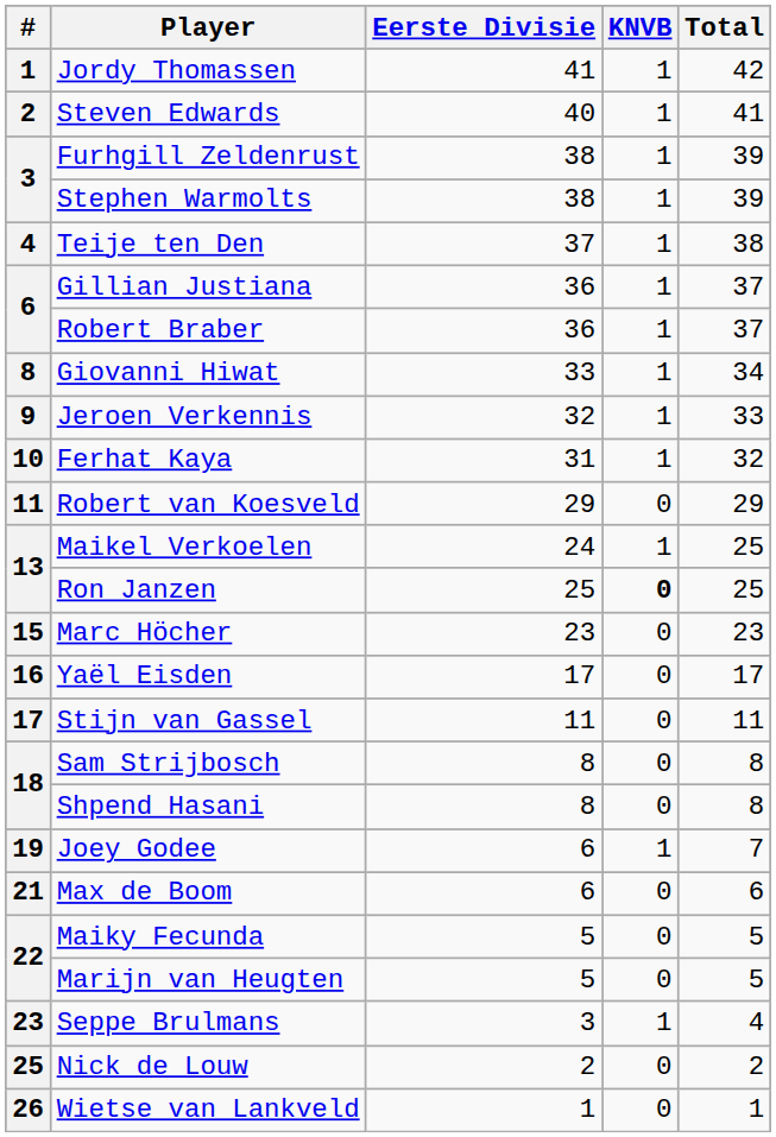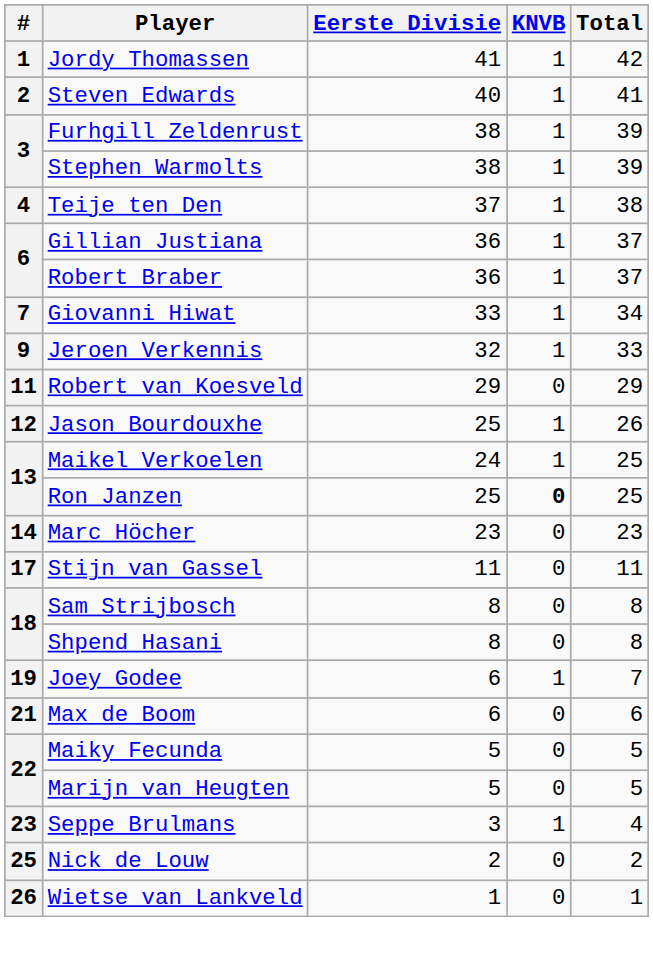 <table class="wikitable" style="text-align:right;">
 <tr>
 <th>#</th>
 <th>Player</th>
 <th><a href='#'>Eerste Divisie</a></th>
 <th><a href='#'>KNVB</a></th>
 <th>Total</th>
 </tr>
 <tr>
 <th align=center>1</th>
 <td align=left> <a href='#'>Jordy Thomassen</a></td>
 <td>41</td>
 <td>1</td>
 <td>42</td>
 </tr>
 <tr>
 <th align=center>2</th>
 <td align=left> <a href='#'>Steven Edwards</a></td>
 <td>40</td>
 <td>1</td>
 <td>41</td>
 </tr>
 <tr>
 <th rowspan=2 align=center>3</th>
 <td align=left>  <a href='#'>Furhgill Zeldenrust</a></td>
 <td>38</td>
 <td>1</td>
 <td>39</td>
 </tr>
 <tr>
 <td align=left> <a href='#'>Stephen Warmolts</a></td>
 <td>38</td>
 <td>1</td>
 <td>39</td>
 </tr>
 <tr>
 <th align=center>4</th>
 <td align=left> <a href='#'>Teije ten Den</a></td>
 <td>37</td>
 <td>1</td>
 <td>38</td>
 </tr>
 <tr>
 <th rowspan=2 align=center>6</th>
 <td align=left> <a href='#'>Gillian Justiana</a></td>
 <td>36</td>
 <td>1</td>
 <td>37</td>
 </tr>
 <tr>
 <td align=left> <a href='#'>Robert Braber</a></td>
 <td>36</td>
 <td>1</td>
 <td>37</td>
 </tr>
 <tr>
-<th align=center>8</th>
+<th align=center>7</th>
 <td align=left> <a href='#'>Giovanni Hiwat</a></td>
 <td>33</td>
 <td>1</td>
 <td>34</td>
 </tr>
 <tr>
 <th align=center>9</th>
 <td align=left> <a href='#'>Jeroen Verkennis</a></td>
 <td>32</td>
 <td>1</td>
 <td>33</td>
 </tr>
 <tr>
-<th align=center>10</th>
-<td align=left> <a href='#'>Ferhat Kaya</a></td>
-<td>31</td>
-<td>1</td>
-<td>32</td>
-</tr>
-<tr>
 <th align=center>11</th>
 <td align=left> <a href='#'>Robert van Koesveld</a></td>
 <td>29</td>
 <td>0</td>
 <td>29</td>
+</tr>
+<tr>
+<th align=center>12</th>
+<td align=left> <a href='#'>Jason Bourdouxhe</a></td>
+<td>25</td>
+<td>1</td>
+<td>26</td>
 </tr>
 <tr>
 <th rowspan=2 align=center>13</th>
 <td align=left> <a href='#'>Maikel Verkoelen</a></td>
 <td>24</td>
 <td>1</td>
 <td>25</td>
 </tr>
 <tr>
 <td align=left> <a href='#'>Ron Janzen</a></td>
 <td>25</td>
 <td><strong>0</strong></td>
 <td>25</td>
 </tr>
 <tr>
-<th align=center>15</th>
+<th align=center>14</th>
 <td align=left> <a href='#'>Marc Höcher</a></td>
 <td>23</td>
 <td>0</td>
 <td>23</td>
-</tr>
-<tr>
-<th align=center>16</th>
-<td align=left> <a href='#'>Yaël Eisden</a></td>
-<td>17</td>
-<td>0</td>
-<td>17</td>
 </tr>
 <tr>
 <th align=center>17</th>
 <td align=left> <a href='#'>Stijn van Gassel</a></td>
 <td>11</td>
 <td>0</td>
 <td>11</td>
 </tr>
 <tr>
 <th rowspan=2 align=center>18</th>
 <td align=left> <a href='#'>Sam Strijbosch</a></td>
 <td>8</td>
 <td>0</td>
 <td>8</td>
 </tr>
 <tr>
 <td align=left> <a href='#'>Shpend Hasani</a></td>
 <td>8</td>
 <td>0</td>
 <td>8</td>
 </tr>
 <tr>
 <th align=center>19</th>
 <td align=left> <a href='#'>Joey Godee</a></td>
 <td>6</td>
 <td>1</td>
 <td>7</td>
 </tr>
 <tr>
 <th align=center>21</th>
 <td align=left> <a href='#'>Max de Boom</a></td>
 <td>6</td>
 <td>0</td>
 <td>6</td>
 </tr>
 <tr>
 <th rowspan=2 align=center>22</th>
 <td align=left> <a href='#'>Maiky Fecunda</a></td>
 <td>5</td>
 <td>0</td>
 <td>5</td>
 </tr>
 <tr>
 <td align=left> <a href='#'>Marijn van Heugten</a></td>
 <td>5</td>
 <td>0</td>
 <td>5</td>
 </tr>
 <tr>
 <th align=center>23</th>
 <td align=left> <a href='#'>Seppe Brulmans</a></td>
 <td>3</td>
 <td>1</td>
 <td>4</td>
 </tr>
 <tr>
 <th align=center>25</th>
 <td align=left> <a href='#'>Nick de Louw</a></td>
 <td>2</td>
 <td>0</td>
 <td>2</td>
 </tr>
 <tr>
 <th align=center>26</th>
 <td align=left> <a href='#'>Wietse van Lankveld</a></td>
 <td>1</td>
 <td>0</td>
 <td>1</td>
 </tr>
 </table>
